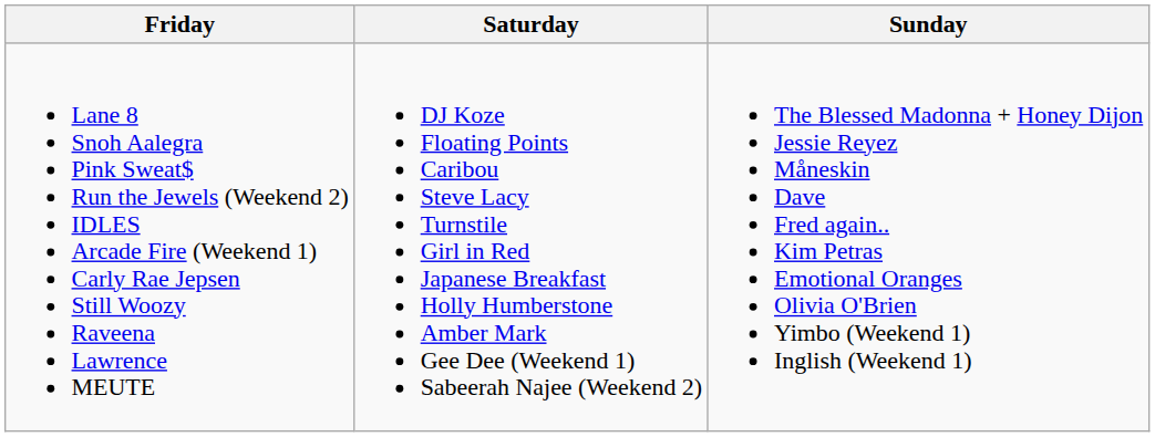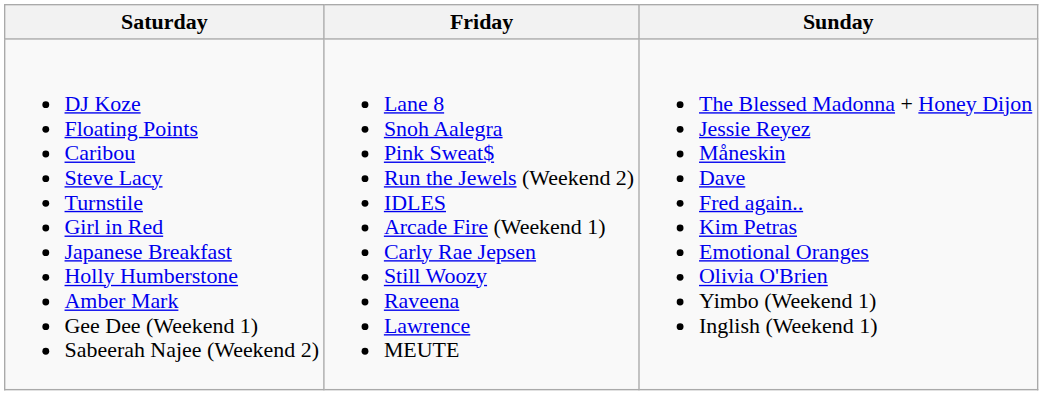 <table class="wikitable">
 <tr>
+<th>Saturday</th>
 <th>Friday</th>
-<th>Saturday</th>
 <th>Sunday</th>
 </tr>
 <tr valign="top">
+<td><br><ul><li><a href='#'>DJ Koze</a></li><li><a href='#'>Floating Points</a></li><li><a href='#'>Caribou</a></li><li><a href='#'>Steve Lacy</a></li><li><a href='#'>Turnstile</a></li><li><a href='#'>Girl in Red</a></li><li><a href='#'>Japanese Breakfast</a></li><li><a href='#'>Holly Humberstone</a></li><li><a href='#'>Amber Mark</a></li><li>Gee Dee (Weekend 1)</li><li>Sabeerah Najee (Weekend 2)</li></ul></td>
 <td><br><ul><li><a href='#'>Lane 8</a></li><li><a href='#'>Snoh Aalegra</a></li><li><a href='#'>Pink Sweat$</a></li><li><a href='#'>Run the Jewels</a> (Weekend 2)</li><li><a href='#'>IDLES</a></li><li><a href='#'>Arcade Fire</a> (Weekend 1)</li><li><a href='#'>Carly Rae Jepsen</a></li><li><a href='#'>Still Woozy</a></li><li><a href='#'>Raveena</a></li><li><a href='#'>Lawrence</a></li><li>MEUTE</li></ul></td>
-<td><br><ul><li><a href='#'>DJ Koze</a></li><li><a href='#'>Floating Points</a></li><li><a href='#'>Caribou</a></li><li><a href='#'>Steve Lacy</a></li><li><a href='#'>Turnstile</a></li><li><a href='#'>Girl in Red</a></li><li><a href='#'>Japanese Breakfast</a></li><li><a href='#'>Holly Humberstone</a></li><li><a href='#'>Amber Mark</a></li><li>Gee Dee (Weekend 1)</li><li>Sabeerah Najee (Weekend 2)</li></ul></td>
 <td><br><ul><li><a href='#'>The Blessed Madonna</a> + <a href='#'>Honey Dijon</a></li><li><a href='#'>Jessie Reyez</a></li><li><a href='#'>Måneskin</a></li><li><a href='#'>Dave</a></li><li><a href='#'>Fred again..</a></li><li><a href='#'>Kim Petras</a></li><li><a href='#'>Emotional Oranges</a></li><li><a href='#'>Olivia O'Brien</a></li><li>Yimbo (Weekend 1)</li><li>Inglish (Weekend 1)</li></ul></td>
 </tr>
 </table>
